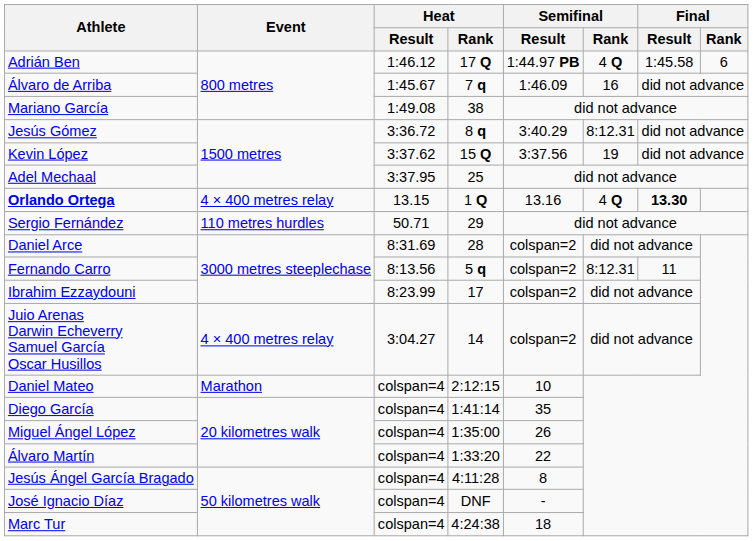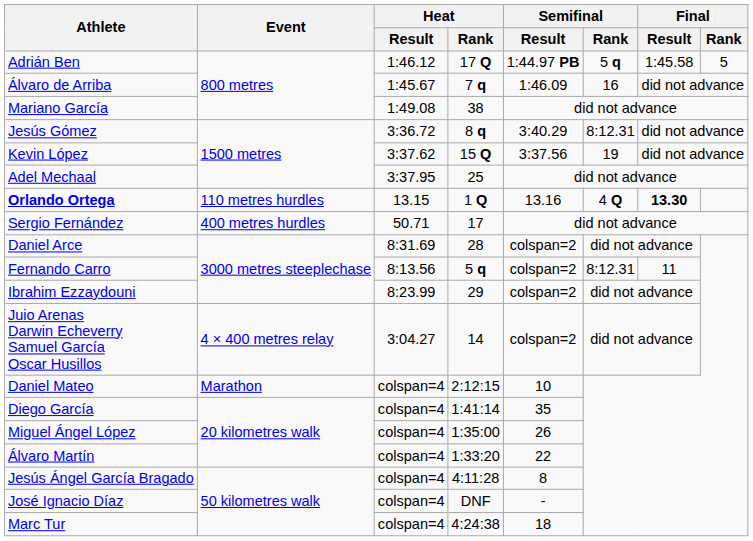 <table class="wikitable"  style="font-size:90%">
 <tr>
 <th rowspan="2">Athlete</th>
 <th rowspan="2">Event</th>
 <th colspan="2">Heat</th>
 <th colspan="2">Semifinal</th>
 <th colspan="2">Final</th>
 </tr>
 <tr>
 <th>Result</th>
 <th>Rank</th>
 <th>Result</th>
 <th>Rank</th>
 <th>Result</th>
 <th>Rank</th>
 </tr>
 <tr style=text-align:center>
 <td style=text-align:left><a href='#'>Adrián Ben</a></td>
 <td style=text-align:left rowspan=3><a href='#'>800 metres</a></td>
 <td>1:46.12</td>
 <td>17 <strong>Q</strong></td>
 <td>1:44.97 <strong>PB</strong></td>
-<td>4 <strong>Q</strong></td>
+<td>5 <strong>q</strong></td>
 <td>1:45.58</td>
-<td>6</td>
+<td>5</td>
 </tr>
 <tr style=text-align:center>
 <td style=text-align:left><a href='#'>Álvaro de Arriba</a></td>
 <td>1:45.67</td>
 <td>7 <strong>q</strong></td>
 <td>1:46.09</td>
 <td>16</td>
 <td colspan=2>did not advance</td>
 </tr>
 <tr style=text-align:center>
 <td style=text-align:left><a href='#'>Mariano García</a></td>
 <td>1:49.08</td>
 <td>38</td>
 <td colspan=4>did not advance</td>
 </tr>
 <tr style=text-align:center>
 <td style=text-align:left><a href='#'>Jesús Gómez</a></td>
 <td style=text-align:left rowspan=3><a href='#'>1500 metres</a></td>
 <td>3:36.72</td>
 <td>8 <strong>q</strong></td>
 <td>3:40.29</td>
 <td>8:12.31</td>
 <td colspan=2>did not advance</td>
 </tr>
 <tr style=text-align:center>
 <td style=text-align:left><a href='#'>Kevin López</a></td>
 <td>3:37.62</td>
 <td>15 <strong>Q</strong></td>
 <td>3:37.56</td>
 <td>19</td>
 <td colspan=2>did not advance</td>
 </tr>
 <tr style=text-align:center>
 <td style=text-align:left><a href='#'>Adel Mechaal</a></td>
 <td>3:37.95</td>
 <td>25</td>
 <td colspan=4>did not advance</td>
 </tr>
 <tr style=text-align:center>
 <td style=text-align:left><strong><a href='#'>Orlando Ortega</a></strong></td>
-<td style=text-align:left><a href='#'>4 × 400 metres relay</a></td>
+<td style=text-align:left><a href='#'>110 metres hurdles</a></td>
 <td>13.15</td>
 <td>1 <strong>Q</strong></td>
 <td>13.16</td>
 <td>4 <strong>Q</strong></td>
 <td><strong>13.30</strong></td>
 <td></td>
 </tr>
 <tr style=text-align:center>
 <td style=text-align:left><a href='#'>Sergio Fernández</a></td>
-<td style=text-align:left><a href='#'>110 metres hurdles</a></td>
+<td style=text-align:left><a href='#'>400 metres hurdles</a></td>
 <td>50.71</td>
-<td>29</td>
+<td>17</td>
 <td colspan=4>did not advance</td>
 </tr>
 <tr style=text-align:center>
 <td style=text-align:left><a href='#'>Daniel Arce</a></td>
 <td style=text-align:left rowspan=3><a href='#'>3000 metres steeplechase</a></td>
 <td>8:31.69</td>
 <td>28</td>
 <td>colspan=2 </td>
 <td colspan=2>did not advance</td>
 </tr>
 <tr style=text-align:center>
 <td style=text-align:left><a href='#'>Fernando Carro</a></td>
 <td>8:13.56</td>
 <td>5 <strong>q</strong></td>
 <td>colspan=2 </td>
 <td>8:12.31</td>
 <td>11</td>
 </tr>
 <tr style=text-align:center>
 <td style=text-align:left><a href='#'>Ibrahim Ezzaydouni</a></td>
 <td>8:23.99</td>
-<td>17</td>
+<td>29</td>
 <td>colspan=2 </td>
 <td colspan=2>did not advance</td>
 </tr>
 <tr style=text-align:center>
 <td style=text-align:left><a href='#'>Juio Arenas</a><br><a href='#'>Darwin Echeverry</a><br><a href='#'>Samuel García</a><br><a href='#'>Oscar Husillos</a></td>
 <td style=text-align:left><a href='#'>4 × 400 metres relay</a></td>
 <td>3:04.27</td>
 <td>14</td>
 <td>colspan=2 </td>
 <td colspan=2>did not advance</td>
 </tr>
 <tr style=text-align:center>
 <td style=text-align:left><a href='#'>Daniel Mateo</a></td>
 <td style=text-align:left><a href='#'>Marathon</a></td>
 <td>colspan=4 </td>
 <td>2:12:15</td>
 <td>10</td>
 </tr>
 <tr style=text-align:center>
 <td style=text-align:left><a href='#'>Diego García</a></td>
 <td style=text-align:left rowspan=3><a href='#'>20 kilometres walk</a></td>
 <td>colspan=4 </td>
 <td>1:41:14</td>
 <td>35</td>
 </tr>
 <tr style=text-align:center>
 <td style=text-align:left><a href='#'>Miguel Ángel López</a></td>
 <td>colspan=4 </td>
 <td>1:35:00</td>
 <td>26</td>
 </tr>
 <tr style=text-align:center>
 <td style=text-align:left><a href='#'>Álvaro Martín</a></td>
 <td>colspan=4 </td>
 <td>1:33:20</td>
 <td>22</td>
 </tr>
 <tr style=text-align:center>
 <td style=text-align:left><a href='#'>Jesús Ángel García Bragado</a></td>
 <td style=text-align:left rowspan=3><a href='#'>50 kilometres walk</a></td>
 <td>colspan=4 </td>
 <td>4:11:28</td>
 <td>8</td>
 </tr>
 <tr style=text-align:center>
 <td style=text-align:left><a href='#'>José Ignacio Díaz</a></td>
 <td>colspan=4 </td>
 <td>DNF</td>
 <td>-</td>
 </tr>
 <tr style=text-align:center>
 <td style=text-align:left><a href='#'>Marc Tur</a></td>
 <td>colspan=4 </td>
 <td>4:24:38</td>
 <td>18</td>
 </tr>
 </table>
